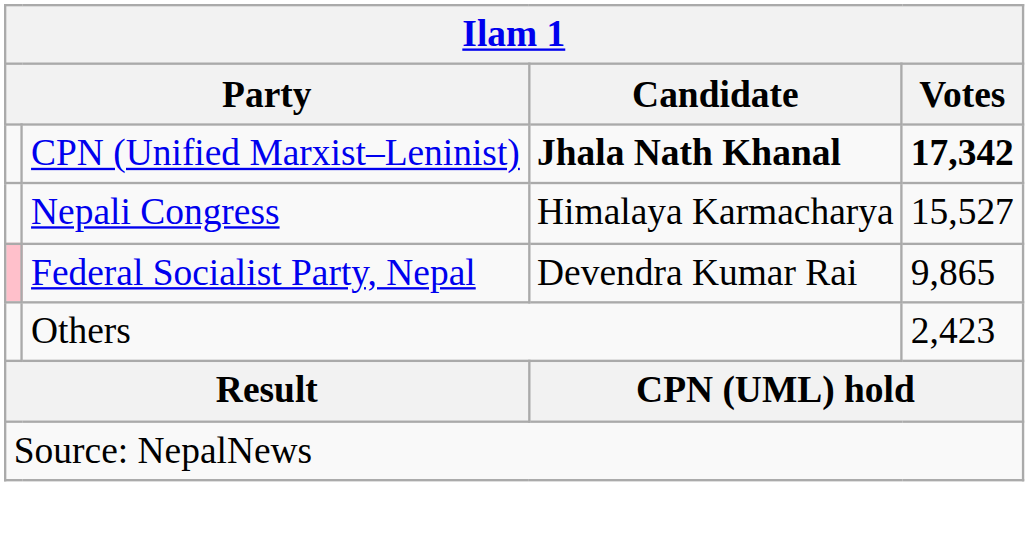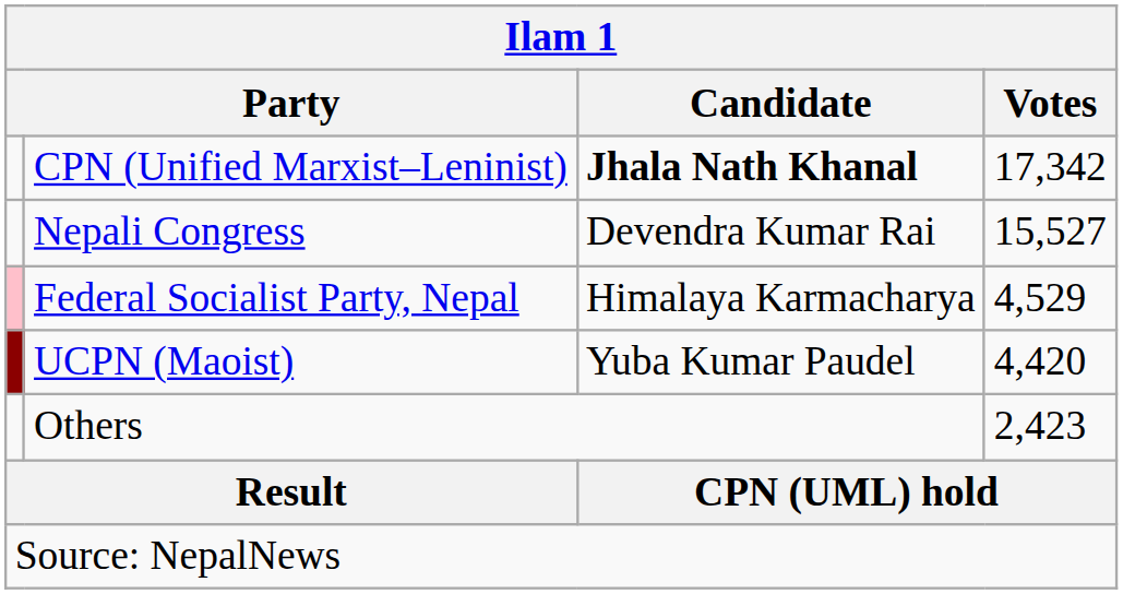 <table class="wikitable">
 <tr>
 <th colspan="4"><a href='#'>Ilam 1</a></th>
 </tr>
 <tr>
 <th colspan="2">Party</th>
 <th>Candidate</th>
 <th>Votes</th>
 </tr>
 <tr>
 <td style="background-color:"></td>
 <td><a href='#'>CPN (Unified Marxist–Leninist)</a></td>
 <td><strong>Jhala Nath Khanal</strong></td>
-<td><strong>17,342</strong></td>
+<td>17,342</td>
 </tr>
 <tr>
 <td style="background-color:"></td>
 <td><a href='#'>Nepali Congress</a></td>
-<td>Himalaya Karmacharya</td>
+<td>Devendra Kumar Rai</td>
 <td>15,527</td>
 </tr>
 <tr>
 <td style="background-color:#ffc0cb"></td>
 <td><a href='#'>Federal Socialist Party, Nepal</a></td>
-<td>Devendra Kumar Rai</td>
-<td>9,865</td>
+<td>Himalaya Karmacharya</td>
+<td>4,529</td>
+</tr>
+<tr>
+<td style="background-color:darkred"></td>
+<td><a href='#'>UCPN (Maoist)</a></td>
+<td>Yuba Kumar Paudel</td>
+<td>4,420</td>
 </tr>
 <tr>
 <td></td>
 <td colspan="2">Others</td>
 <td>2,423</td>
 </tr>
 <tr>
 <th colspan="2">Result</th>
 <th colspan="2">CPN (UML) hold</th>
 </tr>
 <tr>
 <td colspan="4">Source: NepalNews</td>
 </tr>
 </table>
